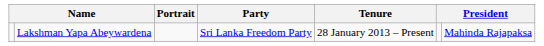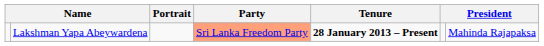 <table class="wikitable" style="font-size:90%; text-align:center; margin:1em auto;">
 <tr>
 <th colspan="2">Name</th>
 <th>Portrait</th>
 <th>Party</th>
 <th>Tenure</th>
 <th colspan="2"><a href='#'>President</a></th>
 </tr>
 <tr>
 <td !align="center" style="background:"></td>
 <td><a href='#'>Lakshman Yapa Abeywardena</a></td>
 <td></td>
-<td><a href='#'>Sri Lanka Freedom Party</a></td>
-<td>28 January 2013 – Present</td>
+<td style="background: lightsalmon;"><a href='#'>Sri Lanka Freedom Party</a></td>
+<td><strong>28 January 2013 – Present</strong></td>
 <td !align="center" style="background:"></td>
 <td><a href='#'>Mahinda Rajapaksa</a></td>
 </tr>
 </table>
